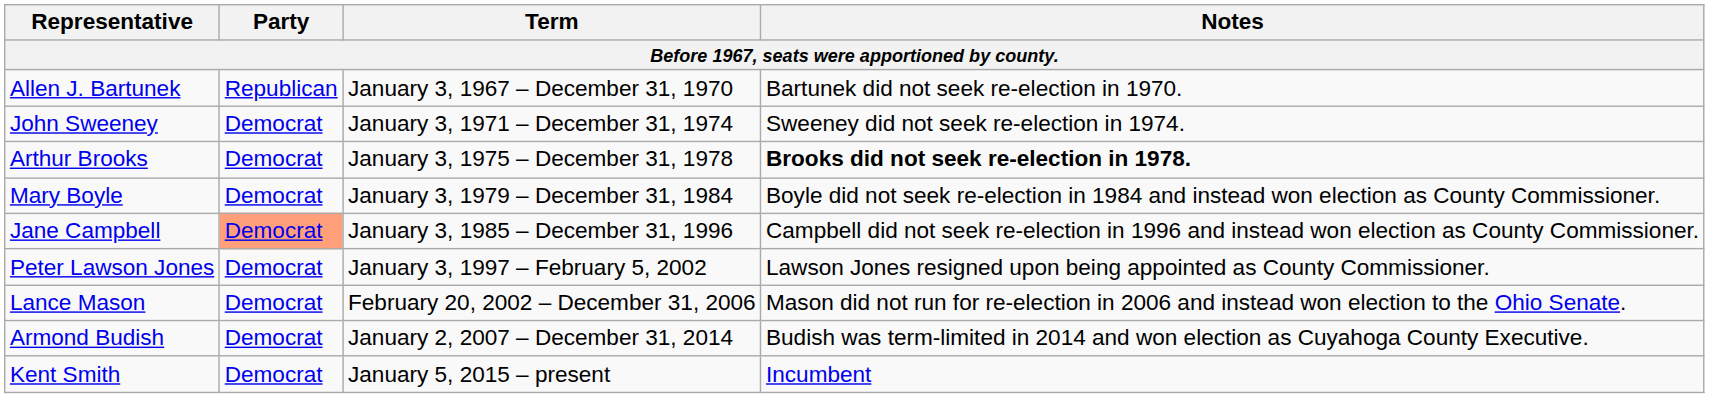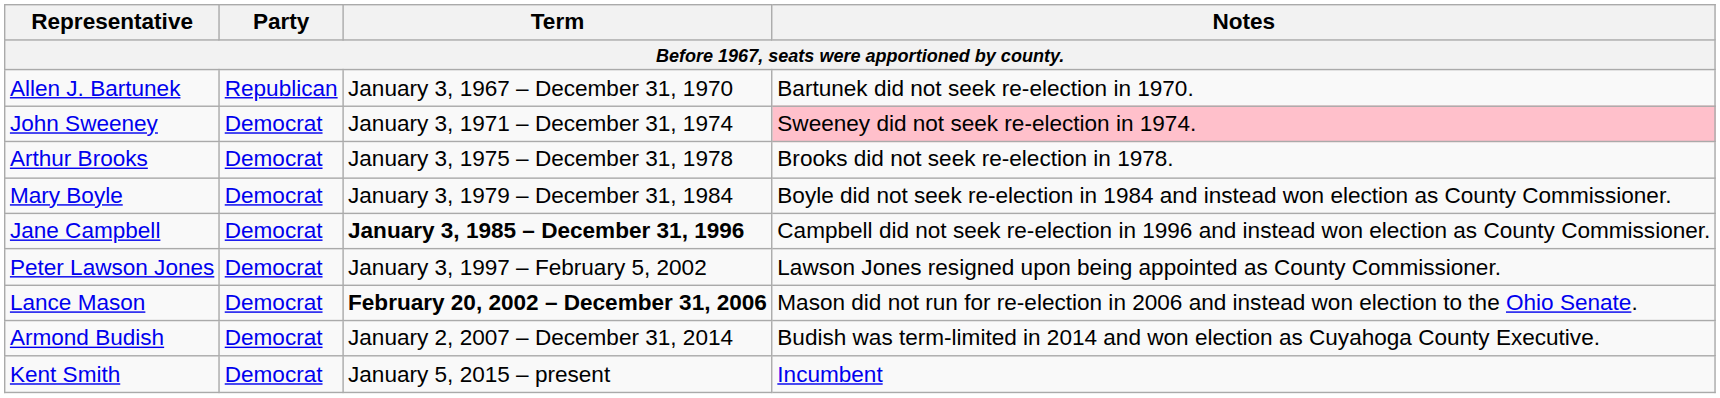 <table class=wikitable>
 <tr valign=bottom>
 <th>Representative</th>
 <th>Party</th>
 <th>Term</th>
 <th>Notes</th>
 </tr>
 <tr>
 <th colspan=5 style="font-size: 80%;"><em>Before 1967, seats were apportioned by county.</em></th>
 </tr>
 <tr>
 <td><a href='#'>Allen J. Bartunek</a></td>
 <td><a href='#'>Republican</a></td>
 <td>January 3, 1967 – December 31, 1970</td>
 <td>Bartunek did not seek re-election in 1970.</td>
 </tr>
 <tr>
 <td><a href='#'>John Sweeney</a></td>
 <td><a href='#'>Democrat</a></td>
 <td>January 3, 1971 – December 31, 1974</td>
-<td>Sweeney did not seek re-election in 1974.</td>
+<td style="background: pink;">Sweeney did not seek re-election in 1974.</td>
 </tr>
 <tr>
 <td><a href='#'>Arthur Brooks</a></td>
 <td><a href='#'>Democrat</a></td>
 <td>January 3, 1975 – December 31, 1978</td>
-<td><strong>Brooks did not seek re-election in 1978.</strong></td>
+<td>Brooks did not seek re-election in 1978.</td>
 </tr>
 <tr>
 <td><a href='#'>Mary Boyle</a></td>
 <td><a href='#'>Democrat</a></td>
 <td>January 3, 1979 – December 31, 1984</td>
 <td>Boyle did not seek re-election in 1984 and instead won election as County Commissioner.</td>
 </tr>
 <tr>
 <td><a href='#'>Jane Campbell</a></td>
-<td style="background: lightsalmon;"><a href='#'>Democrat</a></td>
-<td>January 3, 1985 – December 31, 1996</td>
+<td><a href='#'>Democrat</a></td>
+<td><strong>January 3, 1985 – December 31, 1996</strong></td>
 <td>Campbell did not seek re-election in 1996 and instead won election as County Commissioner.</td>
 </tr>
 <tr>
 <td><a href='#'>Peter Lawson Jones</a></td>
 <td><a href='#'>Democrat</a></td>
 <td>January 3, 1997 – February 5, 2002</td>
 <td>Lawson Jones resigned upon being appointed as County Commissioner.</td>
 </tr>
 <tr>
 <td><a href='#'>Lance Mason</a></td>
 <td><a href='#'>Democrat</a></td>
-<td>February 20, 2002 – December 31, 2006</td>
+<td><strong>February 20, 2002 – December 31, 2006</strong></td>
 <td>Mason did not run for re-election in 2006 and instead won election to the <a href='#'>Ohio Senate</a>.</td>
 </tr>
 <tr>
 <td><a href='#'>Armond Budish</a></td>
 <td><a href='#'>Democrat</a></td>
 <td>January 2, 2007 – December 31, 2014</td>
 <td>Budish was term-limited in 2014 and won election as Cuyahoga County Executive.</td>
 </tr>
 <tr>
 <td><a href='#'>Kent Smith</a></td>
 <td><a href='#'>Democrat</a></td>
 <td>January 5, 2015 – present</td>
 <td><a href='#'>Incumbent</a></td>
 </tr>
 </table>
